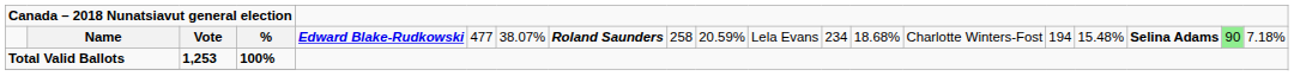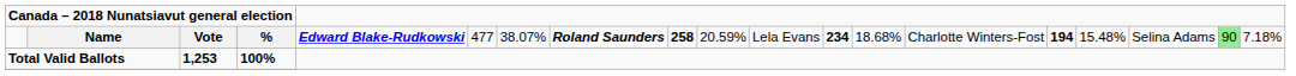 <table class="wikitable">
 <tr>
 <td colspan=4 align=center><strong>Canada – 2018 Nunatsiavut general election</strong></td>
 </tr>
 <tr>
 <td></td>
 <th><strong>Name </strong></th>
 <th><strong>Vote</strong></th>
 <th><strong>%</strong><br></th>
 <td><strong><em><a href='#'>Edward Blake-Rudkowski</a></em></strong></td>
 <td>477</td>
 <td>38.07%<br></td>
 <td><strong><em>Roland Saunders</em></strong></td>
-<td>258</td>
+<td><strong>258</strong></td>
 <td>20.59%<br></td>
 <td>Lela Evans</td>
-<td>234</td>
+<td><strong>234</strong></td>
 <td>18.68%<br></td>
 <td>Charlotte Winters-Fost</td>
-<td>194</td>
+<td><strong>194</strong></td>
 <td>15.48%<br></td>
-<td><strong>Selina Adams</strong></td>
+<td>Selina Adams</td>
 <td style="background: lightgreen;">90</td>
 <td>7.18%</td>
 </tr>
 <tr>
 <td colspan=2><strong>Total Valid Ballots</strong></td>
 <td><strong>1,253</strong></td>
 <td><strong>100%</strong></td>
 </tr>
 <tr>
 </tr>
 </table>
